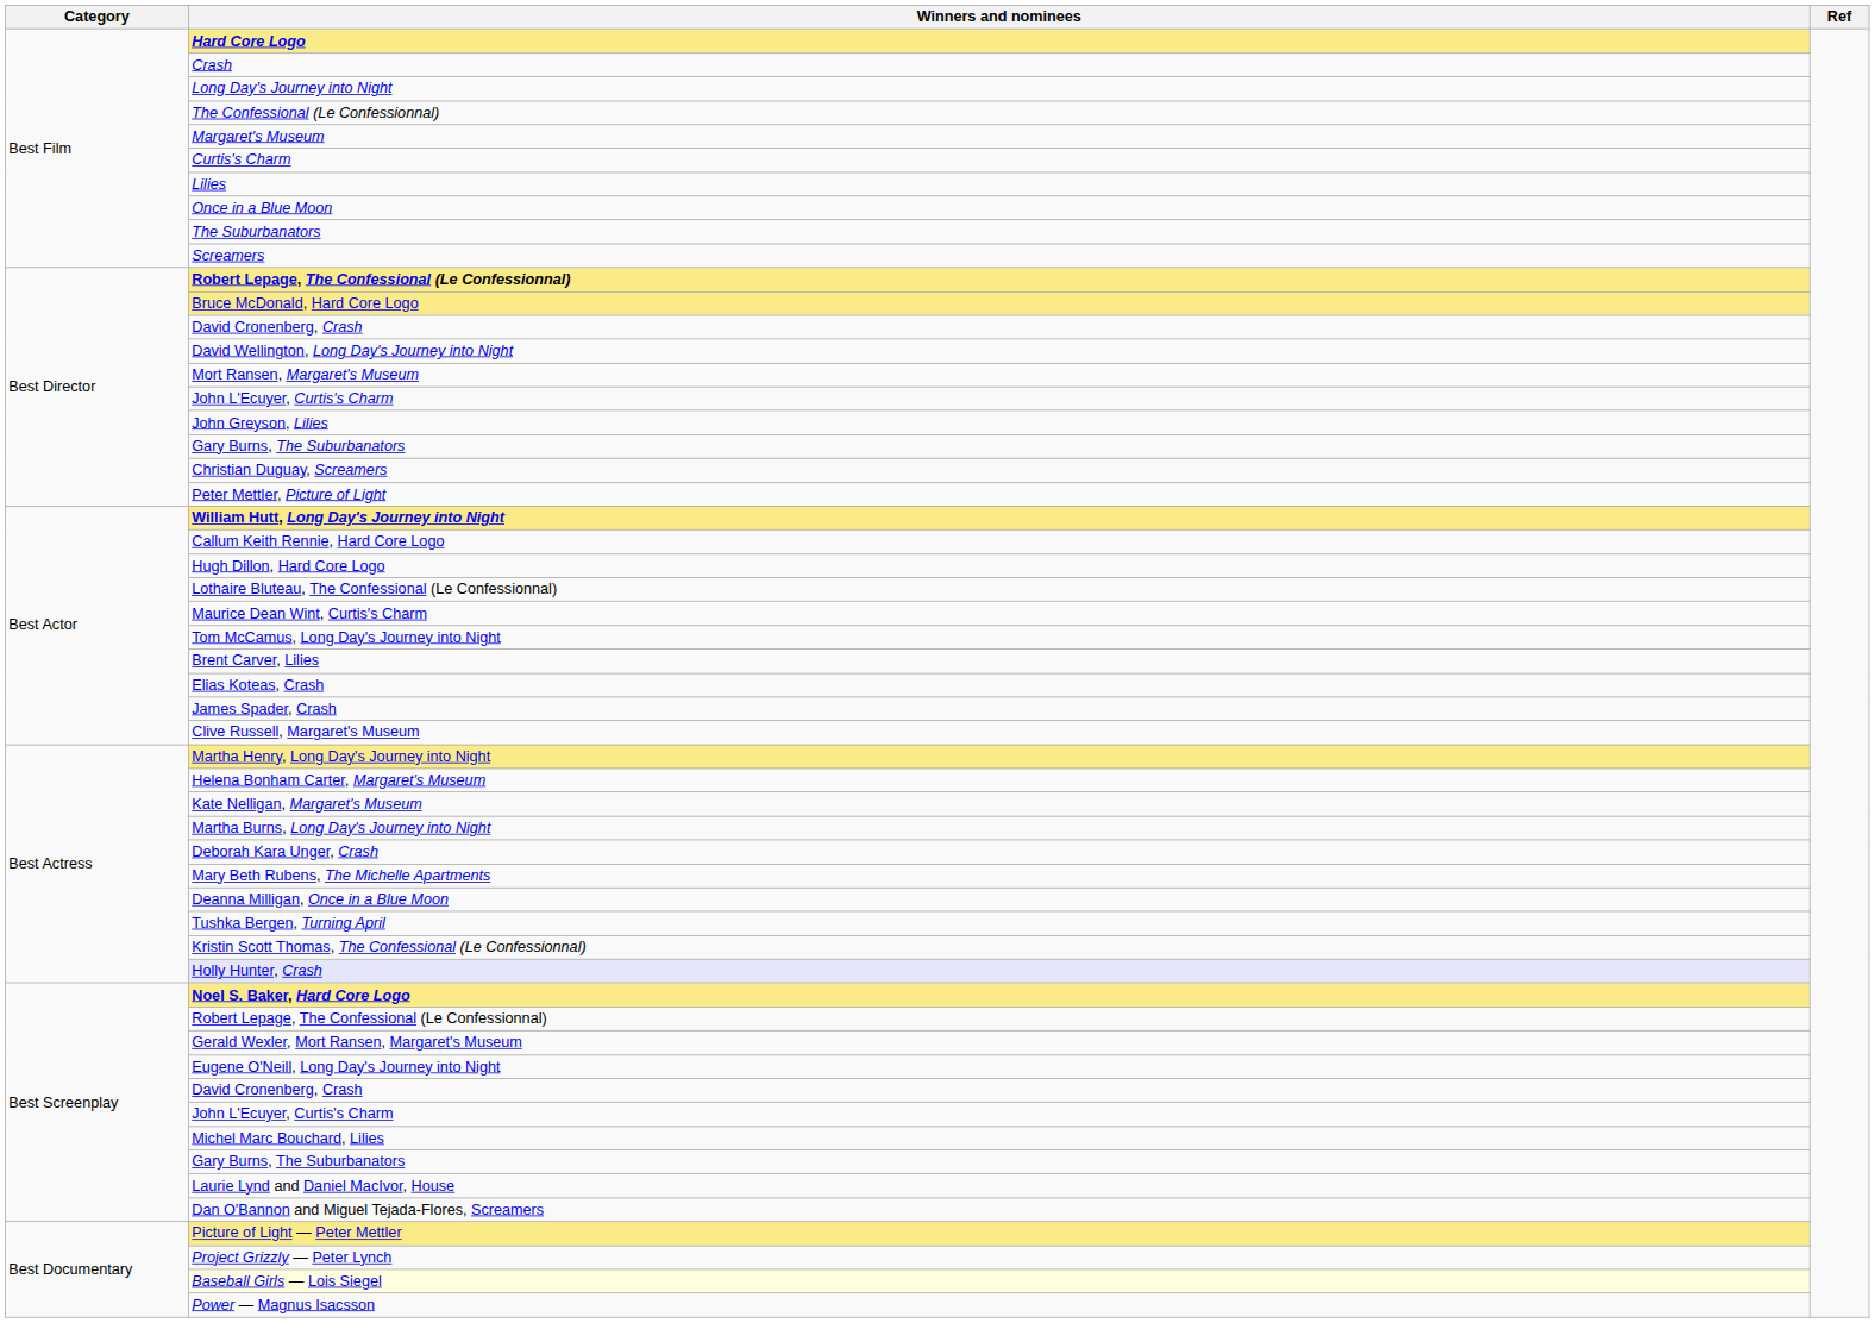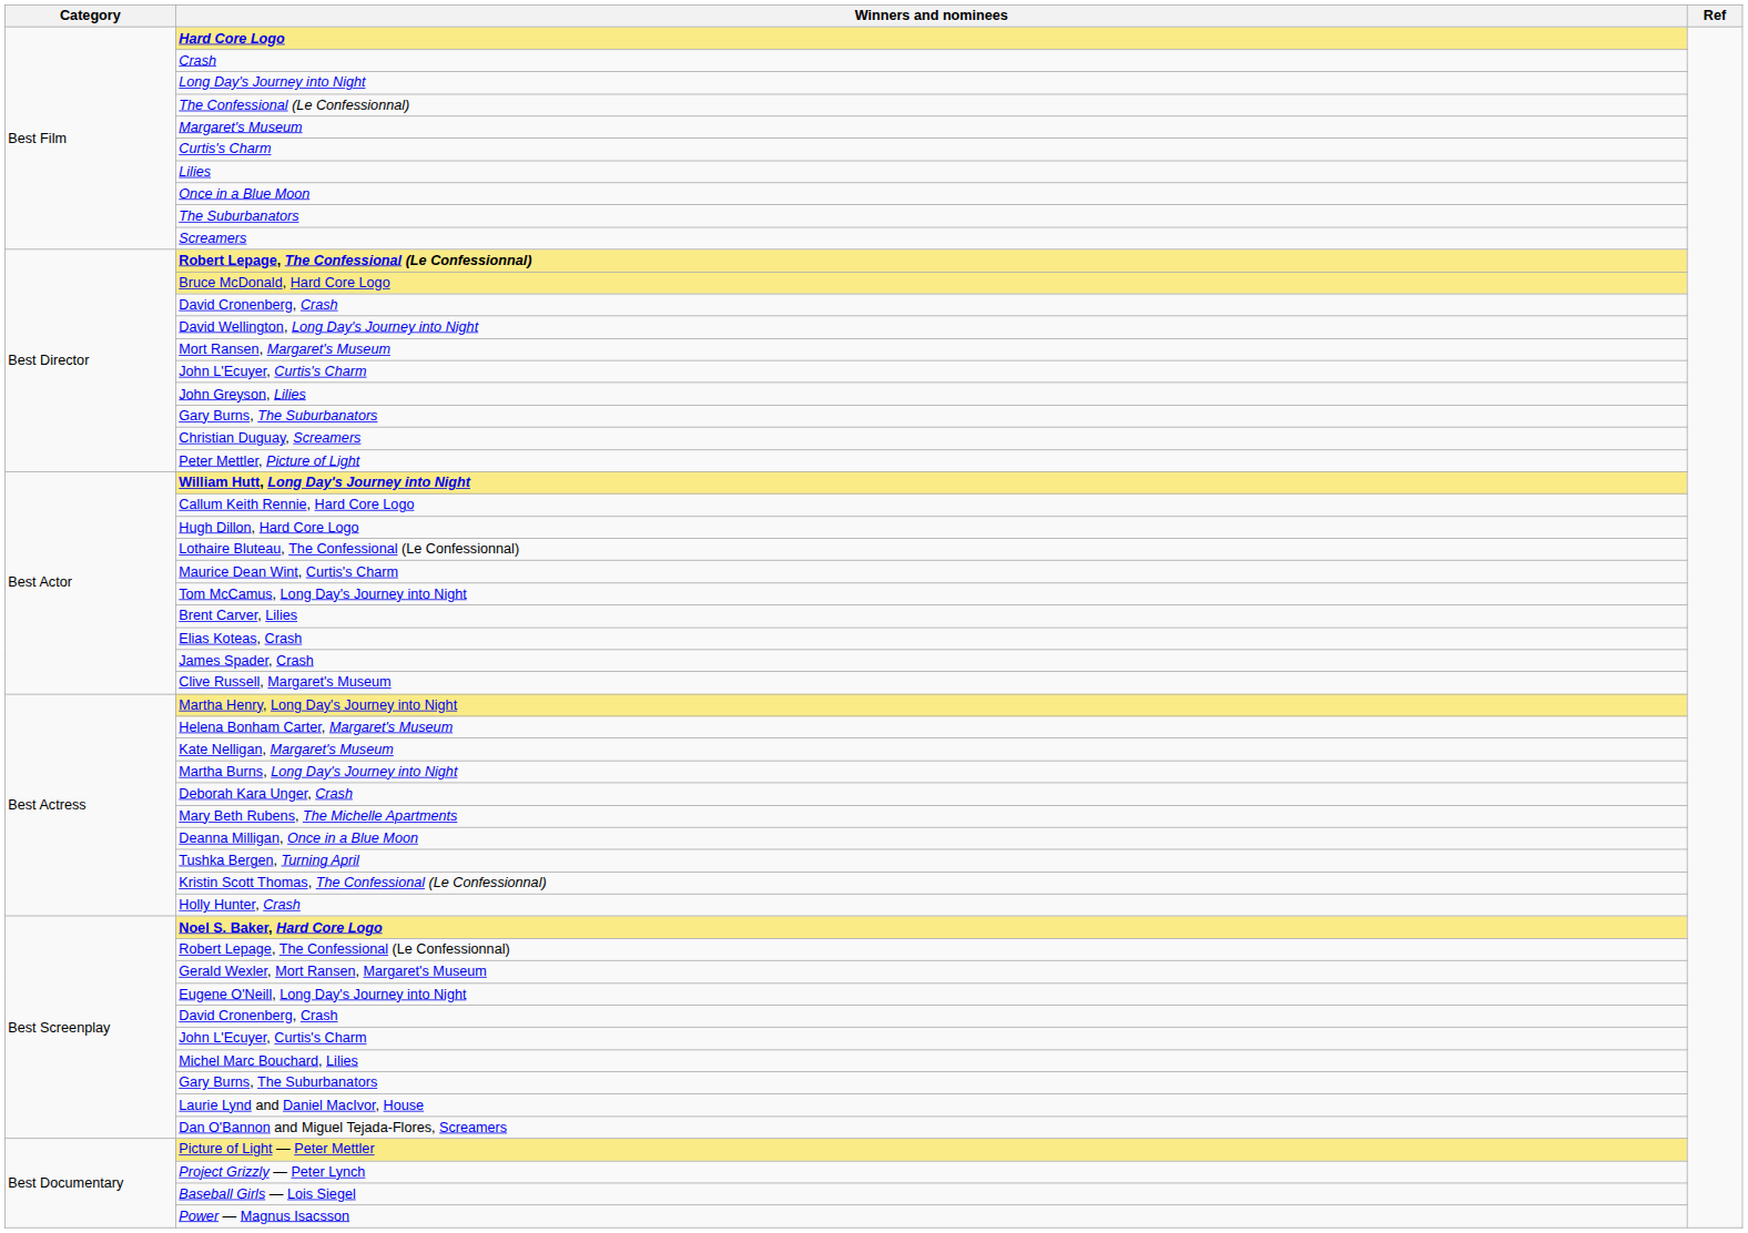 <table class="wikitable" width="100%" cellpadding="5">
 <tr>
 <th width="15"><strong>Category</strong></th>
 <th width="900"><strong>Winners and nominees</strong></th>
 <th width="15"><strong>Ref</strong></th>
 </tr>
 <tr>
 <td rowspan=10>Best Film</td>
 <td style="background:#FAEB86;"><strong><em><a href='#'>Hard Core Logo</a></em></strong></td>
 <td rowspan=54></td>
 </tr>
 <tr>
 <td><em><a href='#'>Crash</a></em></td>
 </tr>
 <tr>
 <td><em><a href='#'>Long Day's Journey into Night</a></em></td>
 </tr>
 <tr>
 <td><em><a href='#'>The Confessional</a> (Le Confessionnal)</em></td>
 </tr>
 <tr>
 <td><em><a href='#'>Margaret's Museum</a></em></td>
 </tr>
 <tr>
 <td><em><a href='#'>Curtis's Charm</a></em></td>
 </tr>
 <tr>
 <td><em><a href='#'>Lilies</a></em></td>
 </tr>
 <tr>
 <td><em><a href='#'>Once in a Blue Moon</a></em></td>
 </tr>
 <tr>
 <td><em><a href='#'>The Suburbanators</a></em></td>
 </tr>
 <tr>
 <td><em><a href='#'>Screamers</a></em></td>
 </tr>
 <tr>
 <td rowspan=10>Best Director</td>
 <td style="background:#FAEB86;"><strong><a href='#'>Robert Lepage</a>, <em><a href='#'>The Confessional</a> (Le Confessionnal)<strong><em></td>
 </tr>
 <tr>
 <td style="background:#FAEB86;"></strong><a href='#'>Bruce McDonald</a>, </em><a href='#'>Hard Core Logo</a></em></strong></td>
 </tr>
 <tr>
 <td><a href='#'>David Cronenberg</a>, <em><a href='#'>Crash</a></em></td>
 </tr>
 <tr>
 <td><a href='#'>David Wellington</a>, <em><a href='#'>Long Day's Journey into Night</a></em></td>
 </tr>
 <tr>
 <td><a href='#'>Mort Ransen</a>, <em><a href='#'>Margaret's Museum</a></em></td>
 </tr>
 <tr>
 <td><a href='#'>John L'Ecuyer</a>, <em><a href='#'>Curtis's Charm</a></em></td>
 </tr>
 <tr>
 <td><a href='#'>John Greyson</a>, <em><a href='#'>Lilies</a></em></td>
 </tr>
 <tr>
 <td><a href='#'>Gary Burns</a>, <em><a href='#'>The Suburbanators</a></em></td>
 </tr>
 <tr>
 <td><a href='#'>Christian Duguay</a>, <em><a href='#'>Screamers</a></em></td>
 </tr>
 <tr>
 <td><a href='#'>Peter Mettler</a>, <em><a href='#'>Picture of Light</a></em></td>
 </tr>
 <tr>
 <td rowspan=10>Best Actor</td>
 <td style="background:#FAEB86;"><strong><a href='#'>William Hutt</a>, <em><a href='#'>Long Day's Journey into Night</a><strong><em></td>
 </tr>
 <tr>
 <td><a href='#'>Callum Keith Rennie</a>, </em><a href='#'>Hard Core Logo</a><em></td>
 </tr>
 <tr>
 <td><a href='#'>Hugh Dillon</a>, </em><a href='#'>Hard Core Logo</a><em></td>
 </tr>
 <tr>
 <td><a href='#'>Lothaire Bluteau</a>, </em><a href='#'>The Confessional</a> (Le Confessionnal)<em></td>
 </tr>
 <tr>
 <td><a href='#'>Maurice Dean Wint</a>, </em><a href='#'>Curtis's Charm</a><em></td>
 </tr>
 <tr>
 <td><a href='#'>Tom McCamus</a>, </em><a href='#'>Long Day's Journey into Night</a><em></td>
 </tr>
 <tr>
 <td><a href='#'>Brent Carver</a>, </em><a href='#'>Lilies</a><em></td>
 </tr>
 <tr>
 <td><a href='#'>Elias Koteas</a>, </em><a href='#'>Crash</a><em></td>
 </tr>
 <tr>
 <td><a href='#'>James Spader</a>, </em><a href='#'>Crash</a><em></td>
 </tr>
 <tr>
 <td><a href='#'>Clive Russell</a>, </em><a href='#'>Margaret's Museum</a><em></td>
 </tr>
 <tr>
 <td rowspan=10>Best Actress</td>
 <td style="background:#FAEB86;"></strong><a href='#'>Martha Henry</a>, </em><a href='#'>Long Day's Journey into Night</a></em></strong></td>
 </tr>
 <tr>
 <td><a href='#'>Helena Bonham Carter</a>, <em><a href='#'>Margaret's Museum</a></em></td>
 </tr>
 <tr>
 <td><a href='#'>Kate Nelligan</a>, <em><a href='#'>Margaret's Museum</a></em></td>
 </tr>
 <tr>
 <td><a href='#'>Martha Burns</a>, <em><a href='#'>Long Day's Journey into Night</a></em></td>
 </tr>
 <tr>
 <td><a href='#'>Deborah Kara Unger</a>, <em><a href='#'>Crash</a></em></td>
 </tr>
 <tr>
 <td><a href='#'>Mary Beth Rubens</a>, <em><a href='#'>The Michelle Apartments</a></em></td>
 </tr>
 <tr>
 <td><a href='#'>Deanna Milligan</a>, <em><a href='#'>Once in a Blue Moon</a></em></td>
 </tr>
 <tr>
 <td><a href='#'>Tushka Bergen</a>, <em><a href='#'>Turning April</a></em></td>
 </tr>
 <tr>
 <td><a href='#'>Kristin Scott Thomas</a>, <em><a href='#'>The Confessional</a> (Le Confessionnal)</em></td>
 </tr>
 <tr>
-<td style="background: lavender;"><a href='#'>Holly Hunter</a>, <em><a href='#'>Crash</a></em></td>
+<td><a href='#'>Holly Hunter</a>, <em><a href='#'>Crash</a></em></td>
 </tr>
 <tr>
 <td rowspan=10>Best Screenplay</td>
 <td style="background:#FAEB86;"><strong><a href='#'>Noel S. Baker</a>, <em><a href='#'>Hard Core Logo</a><strong><em></td>
 </tr>
 <tr>
 <td><a href='#'>Robert Lepage</a>, </em><a href='#'>The Confessional</a> (Le Confessionnal)<em></td>
 </tr>
 <tr>
 <td><a href='#'>Gerald Wexler</a>, <a href='#'>Mort Ransen</a>, </em><a href='#'>Margaret's Museum</a><em></td>
 </tr>
 <tr>
 <td><a href='#'>Eugene O'Neill</a>, </em><a href='#'>Long Day's Journey into Night</a><em></td>
 </tr>
 <tr>
 <td><a href='#'>David Cronenberg</a>, </em><a href='#'>Crash</a><em></td>
 </tr>
 <tr>
 <td><a href='#'>John L'Ecuyer</a>, </em><a href='#'>Curtis's Charm</a><em></td>
 </tr>
 <tr>
 <td><a href='#'>Michel Marc Bouchard</a>, </em><a href='#'>Lilies</a><em></td>
 </tr>
 <tr>
 <td><a href='#'>Gary Burns</a>, </em><a href='#'>The Suburbanators</a><em></td>
 </tr>
 <tr>
 <td><a href='#'>Laurie Lynd</a> and <a href='#'>Daniel MacIvor</a>, </em><a href='#'>House</a><em></td>
 </tr>
 <tr>
 <td><a href='#'>Dan O'Bannon</a> and Miguel Tejada-Flores, </em><a href='#'>Screamers</a><em></td>
 </tr>
 <tr>
 <td rowspan=4>Best Documentary</td>
 <td style="background:#FAEB86;"></em></strong><a href='#'>Picture of Light</a></em> — <a href='#'>Peter Mettler</a></strong></td>
 </tr>
 <tr>
 <td><em><a href='#'>Project Grizzly</a></em> — <a href='#'>Peter Lynch</a></td>
 </tr>
 <tr>
-<td style="background: lightyellow;"><em><a href='#'>Baseball Girls</a></em> — <a href='#'>Lois Siegel</a></td>
+<td><em><a href='#'>Baseball Girls</a></em> — <a href='#'>Lois Siegel</a></td>
 </tr>
 <tr>
 <td><em><a href='#'>Power</a></em> — <a href='#'>Magnus Isacsson</a></td>
 </tr>
 </table>
